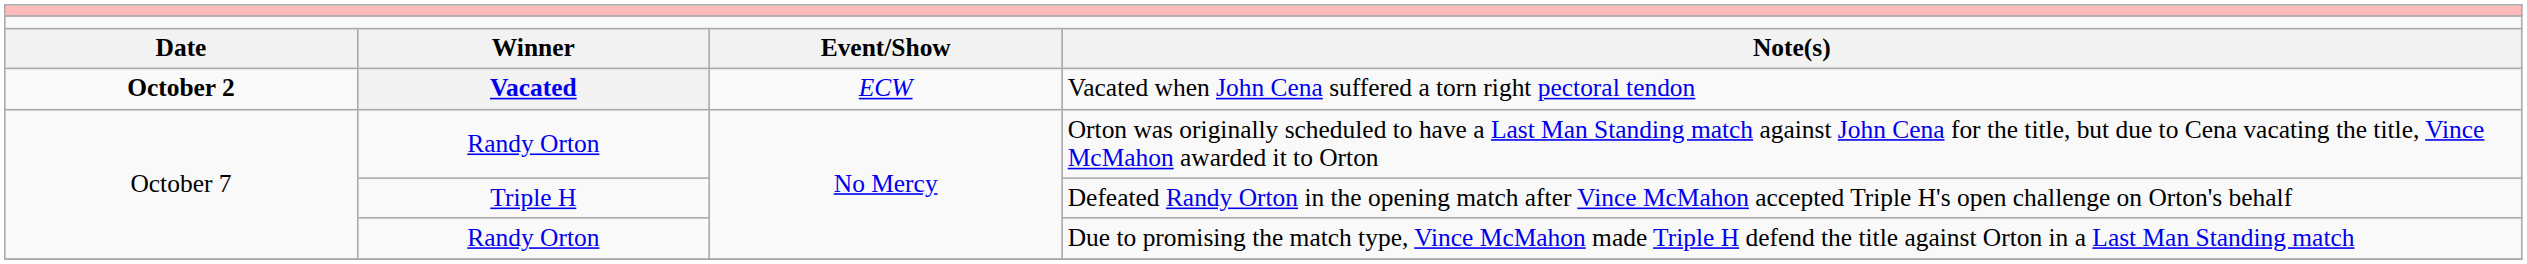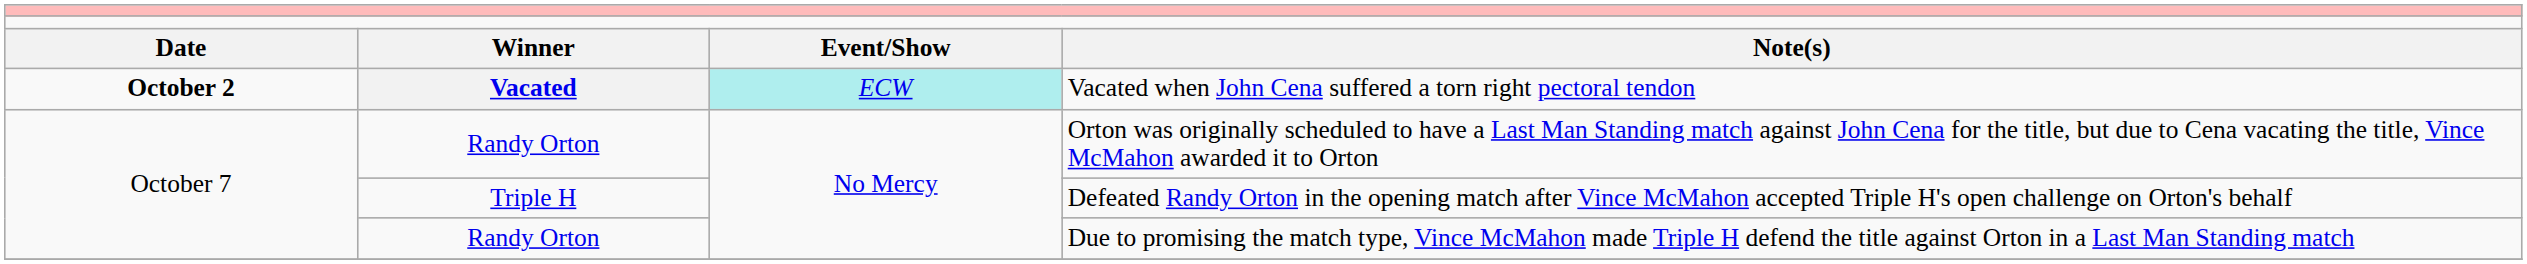 <table class="wikitable" style="text-align:center; width:100%;">
 <tr style="background:#FBB;">
 <td colspan="5"></td>
 </tr>
 <tr>
 <td colspan="5"><strong></strong></td>
 </tr>
 <tr>
 <th width=14%>Date</th>
 <th width=14%>Winner</th>
 <th width=14%>Event/Show</th>
 <th width=58%>Note(s)</th>
 </tr>
 <tr>
 <td><strong>October 2</strong></td>
 <th><a href='#'>Vacated</a></th>
-<td><em><a href='#'>ECW</a></em></td>
+<td style="background: paleturquoise;"><em><a href='#'>ECW</a></em></td>
 <td align=left>Vacated when <a href='#'>John Cena</a> suffered a torn right <a href='#'>pectoral tendon</a></td>
 </tr>
 <tr>
 <td rowspan=3>October 7</td>
 <td><a href='#'>Randy Orton</a></td>
 <td rowspan=3><a href='#'>No Mercy</a></td>
 <td align=left>Orton was originally scheduled to have a <a href='#'>Last Man Standing match</a> against <a href='#'>John Cena</a> for the title, but due to Cena vacating the title, <a href='#'>Vince McMahon</a> awarded it to Orton</td>
 </tr>
 <tr>
 <td><a href='#'>Triple H</a></td>
 <td align=left>Defeated <a href='#'>Randy Orton</a> in the opening match after <a href='#'>Vince McMahon</a> accepted Triple H's open challenge on Orton's behalf</td>
 </tr>
 <tr>
 <td><a href='#'>Randy Orton</a></td>
 <td align=left>Due to promising the match type, <a href='#'>Vince McMahon</a> made <a href='#'>Triple H</a> defend the title against Orton in a <a href='#'>Last Man Standing match</a></td>
 </tr>
 <tr>
 </tr>
 </table>
